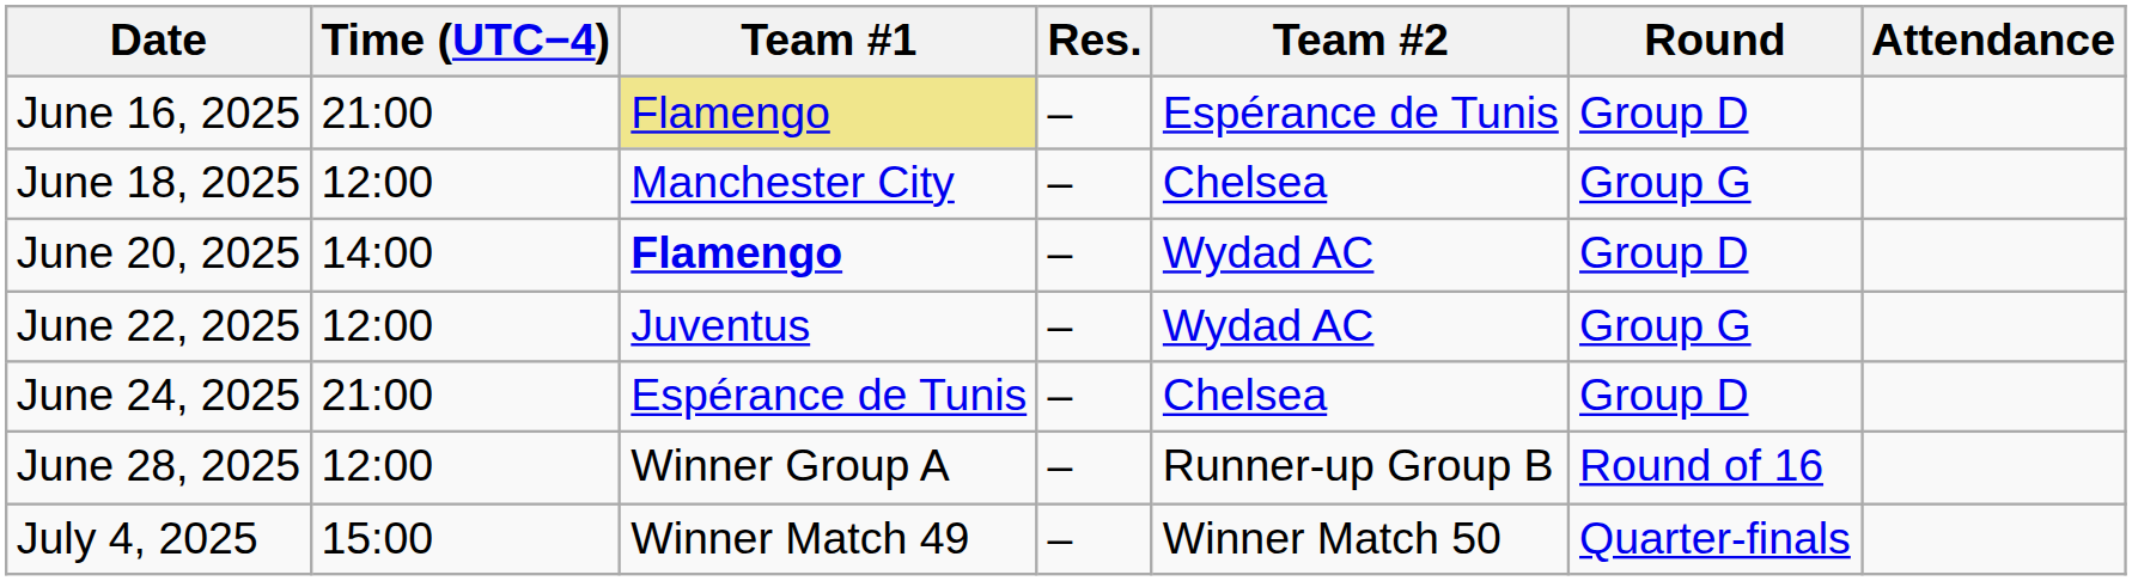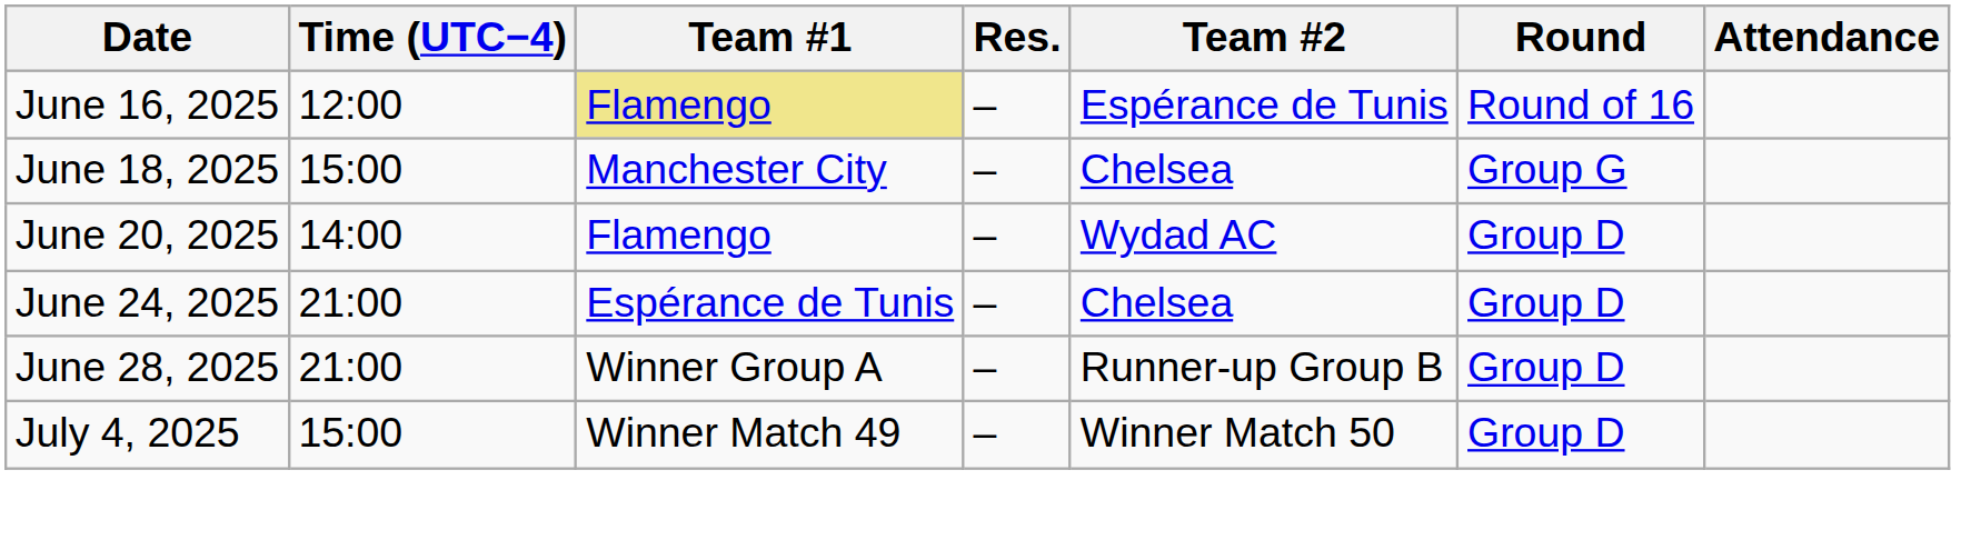 <table class="wikitable sortable">
 <tr>
 <th style="text-align:center; ">Date</th>
 <th style="text-align:center; ">Time (<a href='#'>UTC−4</a>)</th>
 <th style="text-align:center; ">Team #1</th>
 <th style="text-align:center; ">Res.</th>
 <th style="text-align:center; ">Team #2</th>
 <th style="text-align:center; ">Round</th>
 <th>Attendance</th>
 </tr>
 <tr>
 <td>June 16, 2025</td>
-<td>21:00</td>
+<td>12:00</td>
 <td style="background: khaki;"><a href='#'>Flamengo</a> </td>
 <td>–</td>
 <td> <a href='#'>Espérance de Tunis</a></td>
-<td><a href='#'>Group D</a></td>
+<td><a href='#'>Round of 16</a></td>
 <td></td>
 </tr>
 <tr>
 <td>June 18, 2025</td>
-<td>12:00</td>
+<td>15:00</td>
 <td><a href='#'>Manchester City</a> </td>
 <td>–</td>
 <td> <a href='#'>Chelsea</a></td>
 <td><a href='#'>Group G</a></td>
 <td></td>
 </tr>
 <tr>
 <td>June 20, 2025</td>
 <td>14:00</td>
-<td><strong><a href='#'>Flamengo</a> </strong></td>
+<td><a href='#'>Flamengo</a> </td>
 <td>–</td>
 <td> <a href='#'>Wydad AC</a></td>
 <td><a href='#'>Group D</a></td>
-<td></td>
-</tr>
-<tr>
-<td>June 22, 2025</td>
-<td>12:00</td>
-<td><a href='#'>Juventus</a> </td>
-<td>–</td>
-<td> <a href='#'>Wydad AC</a></td>
-<td><a href='#'>Group G</a></td>
 <td></td>
 </tr>
 <tr>
 <td>June 24, 2025</td>
 <td>21:00</td>
 <td><a href='#'>Espérance de Tunis</a> </td>
 <td>–</td>
 <td> <a href='#'>Chelsea</a></td>
 <td><a href='#'>Group D</a></td>
 <td></td>
 </tr>
 <tr>
 <td>June 28, 2025</td>
-<td>12:00</td>
+<td>21:00</td>
 <td>Winner Group A</td>
 <td>–</td>
 <td>Runner-up Group B</td>
-<td><a href='#'>Round of 16</a></td>
+<td><a href='#'>Group D</a></td>
 <td></td>
 </tr>
 <tr>
 <td>July 4, 2025</td>
 <td>15:00</td>
 <td>Winner Match 49</td>
 <td>–</td>
 <td>Winner Match 50</td>
-<td><a href='#'>Quarter-finals</a></td>
+<td><a href='#'>Group D</a></td>
 <td></td>
 </tr>
 </table>
